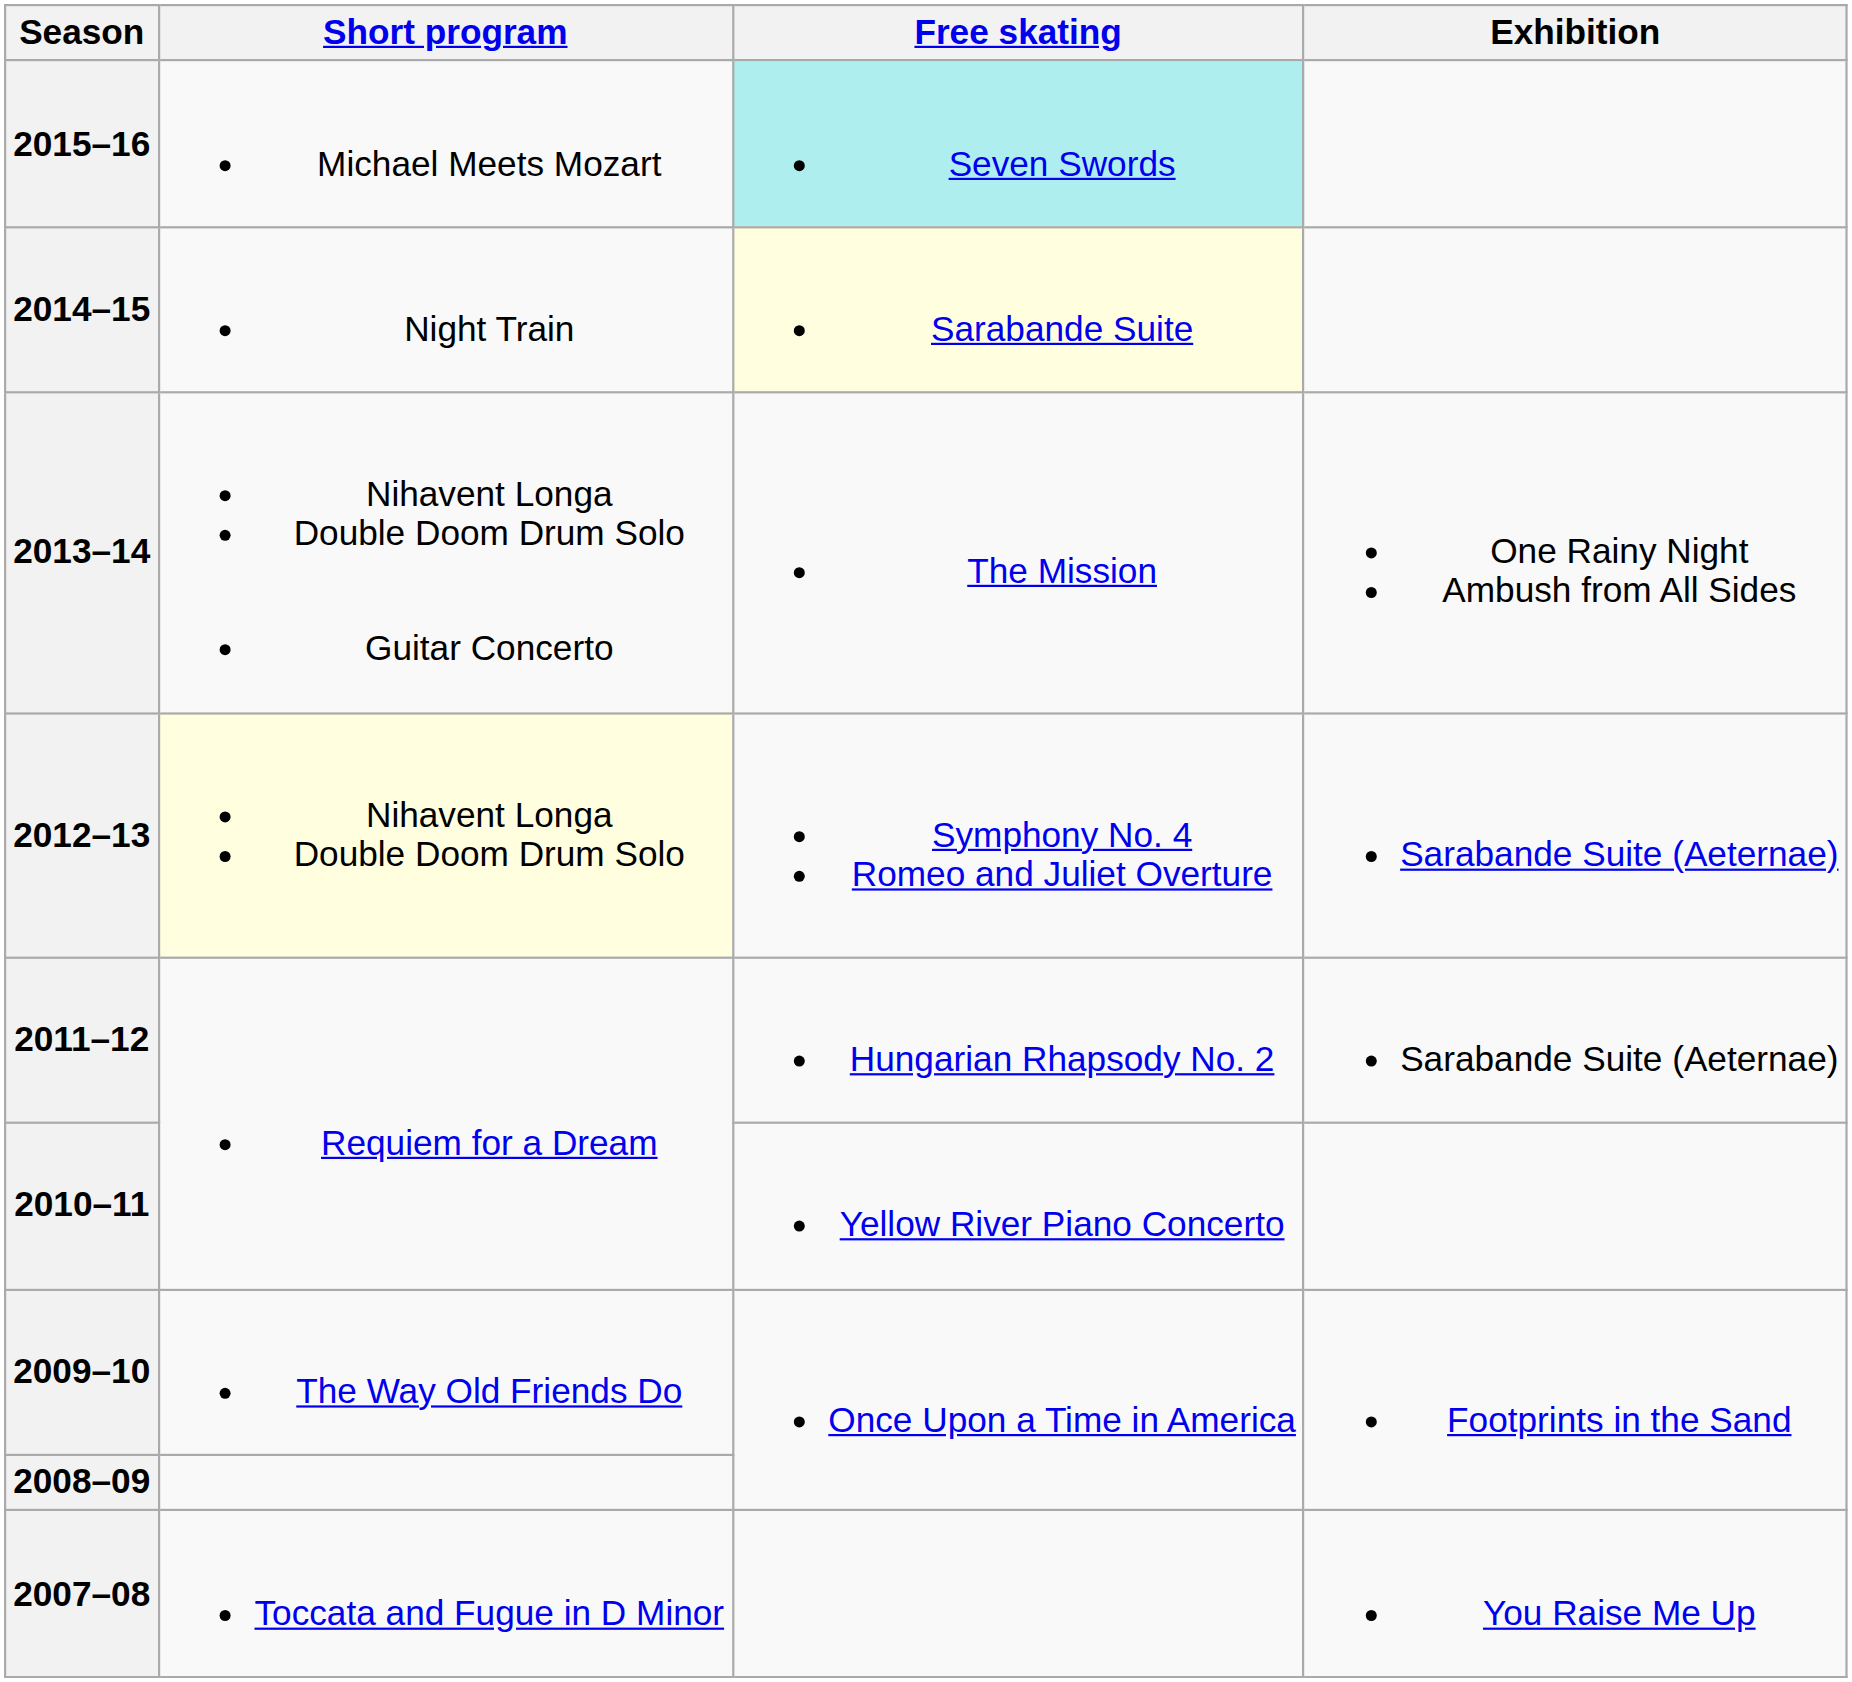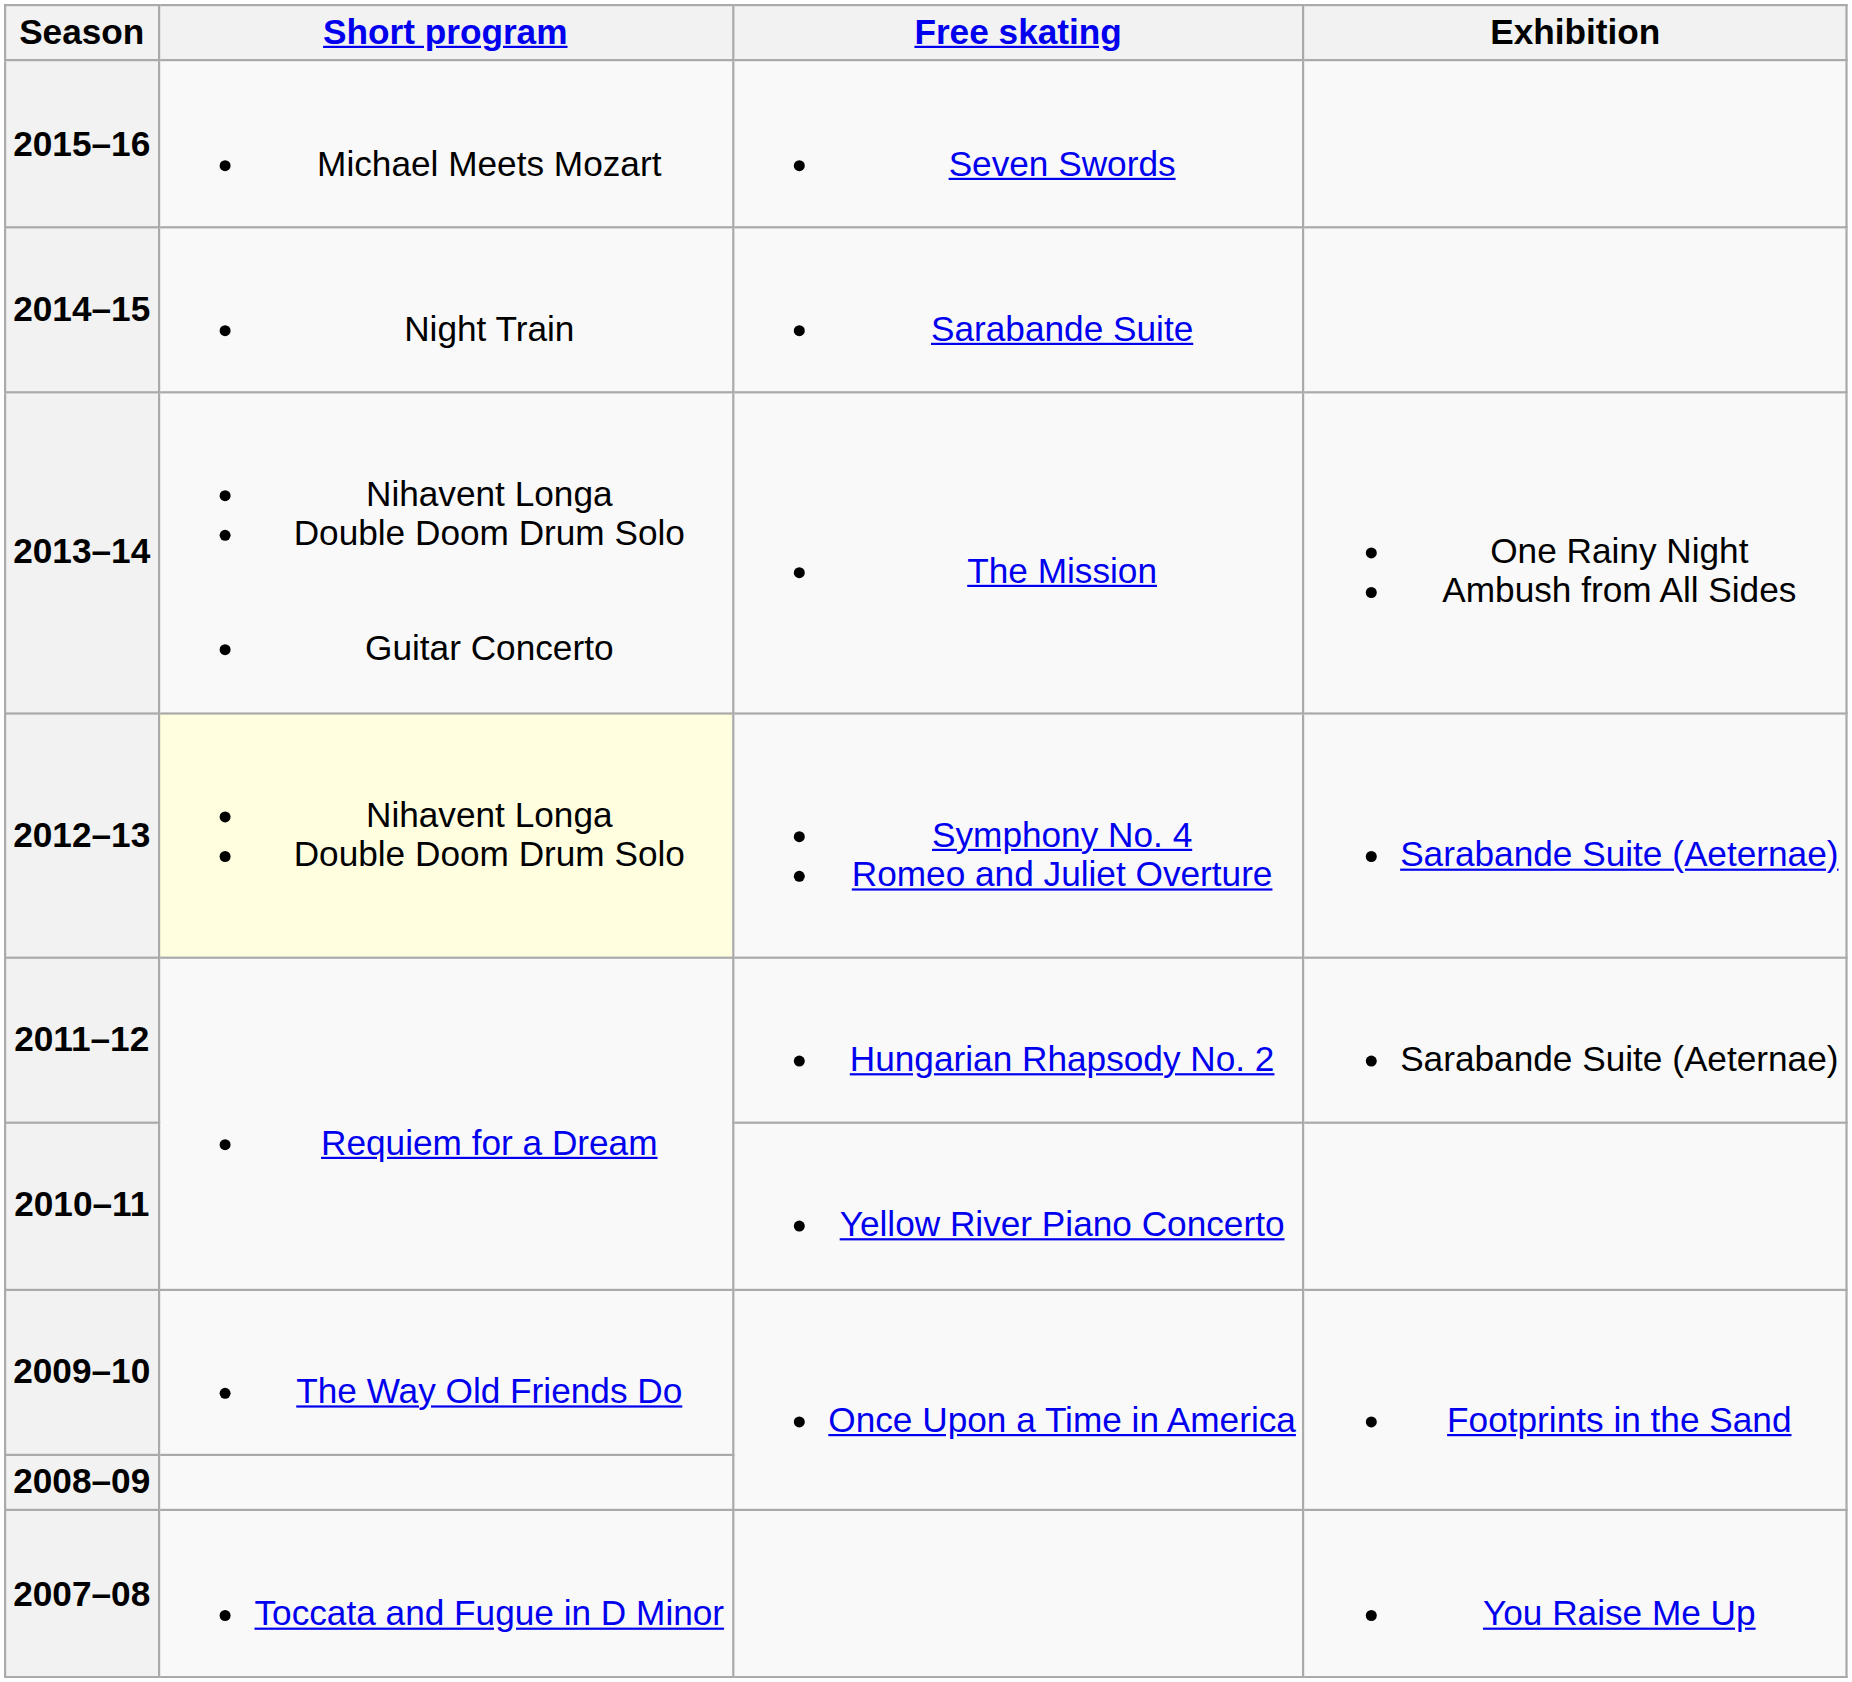 <table class="wikitable" style="text-align:center">
 <tr>
 <th>Season</th>
 <th><a href='#'>Short program</a></th>
 <th><a href='#'>Free skating</a></th>
 <th>Exhibition</th>
 </tr>
 <tr>
 <th>2015–16 <br></th>
 <td><br><ul><li>Michael Meets Mozart <br></li></ul></td>
-<td style="background: paleturquoise;"><br><ul><li><a href='#'>Seven Swords</a> <br></li></ul></td>
+<td><br><ul><li><a href='#'>Seven Swords</a> <br></li></ul></td>
 <td></td>
 </tr>
 <tr>
 <th>2014–15 <br></th>
 <td><br><ul><li>Night Train</li></ul></td>
-<td style="background: lightyellow;"><br><ul><li><a href='#'>Sarabande Suite</a> <br></li></ul></td>
+<td><br><ul><li><a href='#'>Sarabande Suite</a> <br></li></ul></td>
 <td></td>
 </tr>
 <tr>
 <th>2013–14 <br></th>
 <td><br><ul><li>Nihavent Longa</li><li>Double Doom Drum Solo <br> <br></li></ul><ul><li>Guitar Concerto <br></li></ul></td>
 <td><br><ul><li><a href='#'>The Mission</a> <br></li></ul></td>
 <td><br><ul><li>One Rainy Night</li><li>Ambush from All Sides <br></li></ul></td>
 </tr>
 <tr>
 <th>2012–13 <br></th>
 <td style="background: lightyellow;"><br><ul><li>Nihavent Longa</li><li>Double Doom Drum Solo <br> <br></li></ul></td>
 <td><br><ul><li><a href='#'>Symphony No. 4</a> <br></li><li><a href='#'>Romeo and Juliet Overture</a> <br></li></ul></td>
 <td><br><ul><li><a href='#'>Sarabande Suite (Aeternae)</a> <br></li></ul></td>
 </tr>
 <tr>
 <th>2011–12 <br></th>
 <td rowspan=2><br><ul><li><a href='#'>Requiem for a Dream</a> <br></li></ul></td>
 <td><br><ul><li><a href='#'>Hungarian Rhapsody No. 2</a> <br></li></ul></td>
 <td><br><ul><li>Sarabande Suite (Aeternae) <br></li></ul></td>
 </tr>
 <tr>
 <th>2010–11 <br></th>
 <td><br><ul><li><a href='#'>Yellow River Piano Concerto</a> <br></li></ul></td>
 <td></td>
 </tr>
 <tr>
 <th>2009–10 <br></th>
 <td><br><ul><li><a href='#'>The Way Old Friends Do</a> <br></li></ul></td>
 <td rowspan=2><br><ul><li><a href='#'>Once Upon a Time in America</a> <br></li></ul></td>
 <td rowspan=2><br><ul><li><a href='#'>Footprints in the Sand</a> <br></li></ul></td>
 </tr>
 <tr>
 <th>2008–09 <br></th>
 <td></td>
 </tr>
 <tr>
 <th>2007–08</th>
 <td><br><ul><li><a href='#'>Toccata and Fugue in D Minor</a></li></ul></td>
 <td></td>
 <td><br><ul><li><a href='#'>You Raise Me Up</a></li></ul></td>
 </tr>
 </table>
